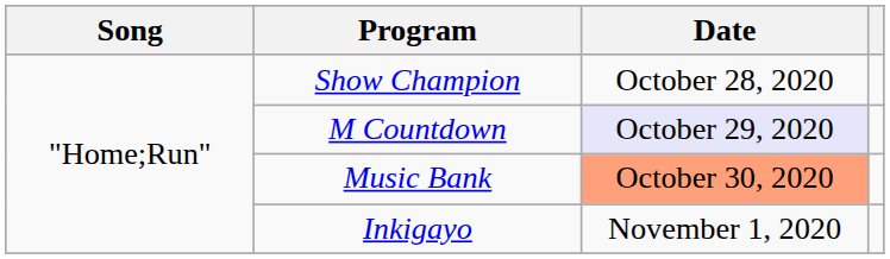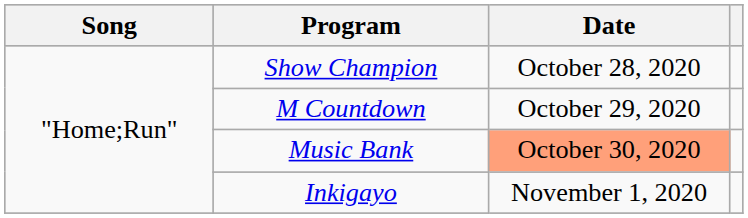 <table class="wikitable" style="text-align:center">
 <tr>
 <th width="120">Song</th>
 <th width="160">Program</th>
 <th width="140">Date</th>
 <th></th>
 </tr>
 <tr>
 <td rowspan="5">"Home;Run"</td>
 <td><em><a href='#'>Show Champion</a></em></td>
 <td>October 28, 2020</td>
 <td align="center"></td>
 </tr>
 <tr>
 <td><em><a href='#'>M Countdown</a></em></td>
-<td style="background: lavender;">October 29, 2020</td>
+<td>October 29, 2020</td>
 <td align="center"></td>
 </tr>
 <tr>
 <td><em><a href='#'>Music Bank</a></em></td>
 <td style="background: lightsalmon;">October 30, 2020</td>
 <td align="center"></td>
 </tr>
 <tr>
 <td><em><a href='#'>Inkigayo</a></em></td>
 <td>November 1, 2020</td>
 <td align="center"></td>
 </tr>
 </table>
